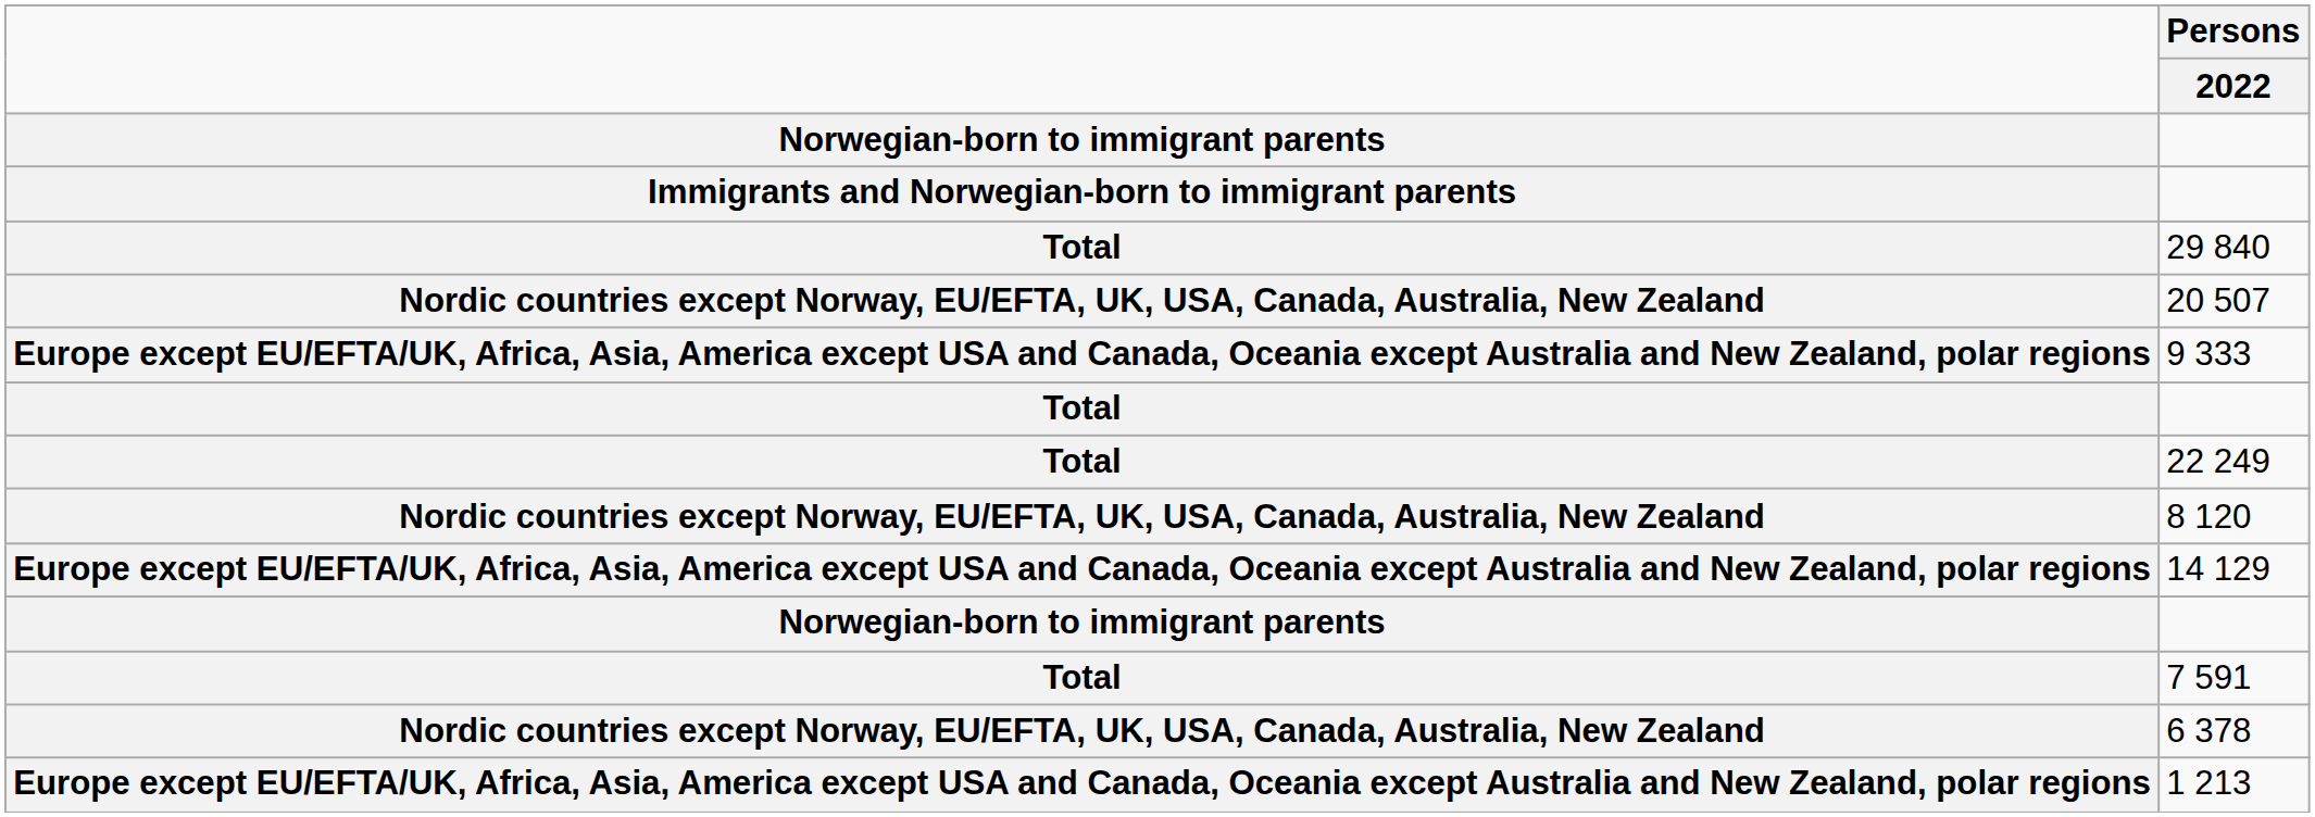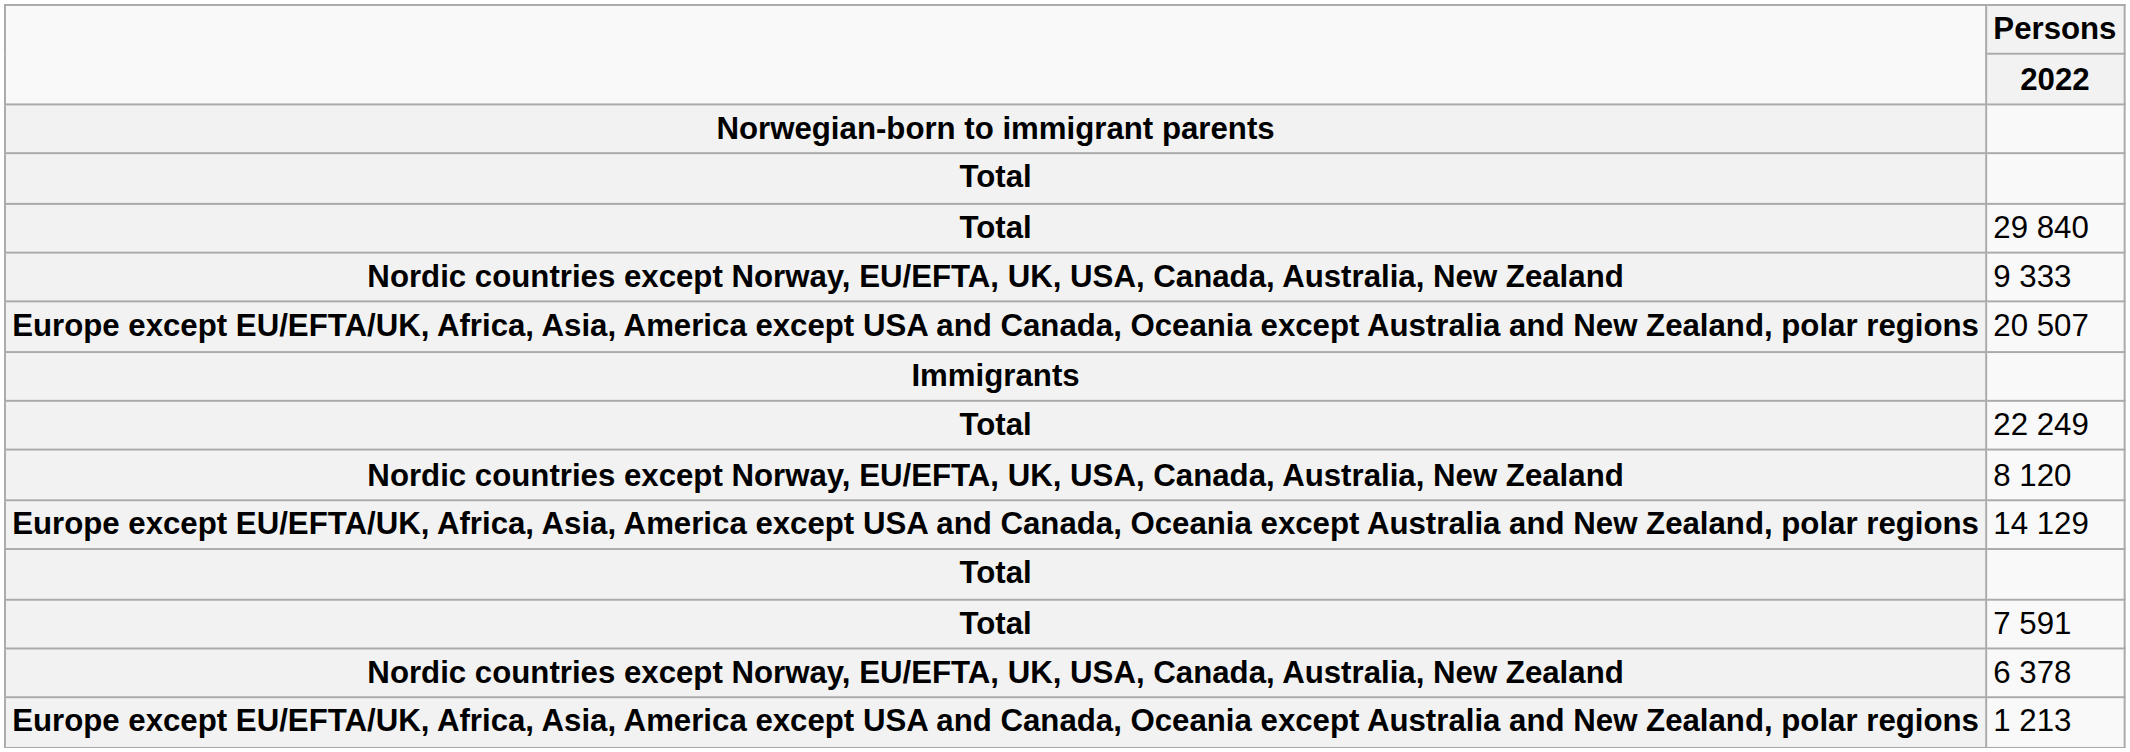 <table class="wikitable">
 <tr>
 <td rowspan="2"></td>
 <th>Persons</th>
 </tr>
 <tr>
 <th>2022</th>
 </tr>
 <tr>
 <th>Norwegian-born to immigrant parents</th>
 <td></td>
 </tr>
 <tr>
-<th>Immigrants and Norwegian-born to immigrant parents</th>
+<th>Total</th>
 <td></td>
 </tr>
 <tr>
 <th>Total</th>
 <td>29 840</td>
 </tr>
 <tr>
 <th>Nordic countries except Norway, EU/EFTA, UK, USA, Canada, Australia, New Zealand</th>
+<td>9 333</td>
+</tr>
+<tr>
+<th>Europe except EU/EFTA/UK, Africa, Asia, America except USA and Canada, Oceania except Australia and New Zealand, polar regions</th>
 <td>20 507</td>
 </tr>
 <tr>
-<th>Europe except EU/EFTA/UK, Africa, Asia, America except USA and Canada, Oceania except Australia and New Zealand, polar regions</th>
-<td>9 333</td>
-</tr>
-<tr>
-<th>Total</th>
+<th>Immigrants</th>
 <td></td>
 </tr>
 <tr>
 <th>Total</th>
 <td>22 249</td>
 </tr>
 <tr>
 <th>Nordic countries except Norway, EU/EFTA, UK, USA, Canada, Australia, New Zealand</th>
 <td>8 120</td>
 </tr>
 <tr>
 <th>Europe except EU/EFTA/UK, Africa, Asia, America except USA and Canada, Oceania except Australia and New Zealand, polar regions</th>
 <td>14 129</td>
 </tr>
 <tr>
-<th>Norwegian-born to immigrant parents</th>
+<th>Total</th>
 <td></td>
 </tr>
 <tr>
 <th>Total</th>
 <td>7 591</td>
 </tr>
 <tr>
 <th>Nordic countries except Norway, EU/EFTA, UK, USA, Canada, Australia, New Zealand</th>
 <td>6 378</td>
 </tr>
 <tr>
 <th>Europe except EU/EFTA/UK, Africa, Asia, America except USA and Canada, Oceania except Australia and New Zealand, polar regions</th>
 <td>1 213</td>
 </tr>
 </table>
